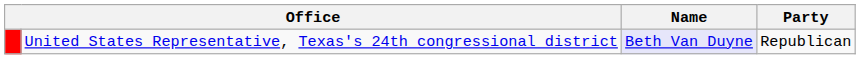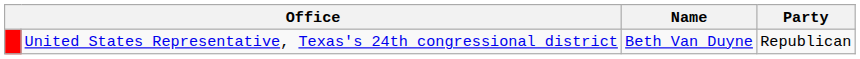 <table class="wikitable">
 <tr>
 <th colspan="2">Office</th>
 <th>Name</th>
 <th>Party</th>
 </tr>
 <tr>
 <td bgcolor="red"> </td>
 <td><a href='#'>United States Representative</a>, <a href='#'>Texas's 24th congressional district</a></td>
-<td style="background: lavender;"><a href='#'>Beth Van Duyne</a></td>
+<td><a href='#'>Beth Van Duyne</a></td>
 <td>Republican</td>
 </tr>
 </table>
